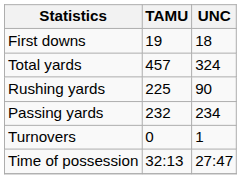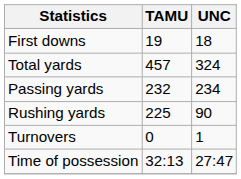 <table class="wikitable" style="float: left;">
 <tr>
 <th>Statistics</th>
 <th>TAMU</th>
 <th>UNC</th>
 </tr>
 <tr>
 <td>First downs</td>
 <td>19</td>
 <td>18</td>
 </tr>
 <tr>
 <td>Total yards</td>
 <td>457</td>
 <td>324</td>
 </tr>
 <tr>
+<td>Passing yards</td>
+<td>232</td>
+<td>234</td>
+</tr>
+<tr>
 <td>Rushing yards</td>
 <td>225</td>
 <td>90</td>
-</tr>
-<tr>
-<td>Passing yards</td>
-<td>232</td>
-<td>234</td>
 </tr>
 <tr>
 <td>Turnovers</td>
 <td>0</td>
 <td>1</td>
 </tr>
 <tr>
 <td>Time of possession</td>
 <td>32:13</td>
 <td>27:47</td>
 </tr>
 <tr>
 </tr>
 </table>
